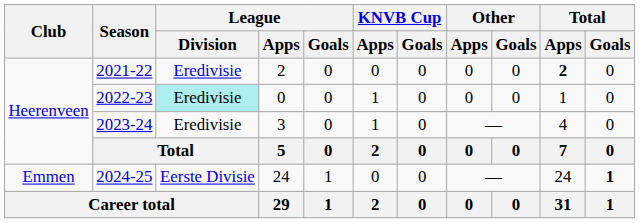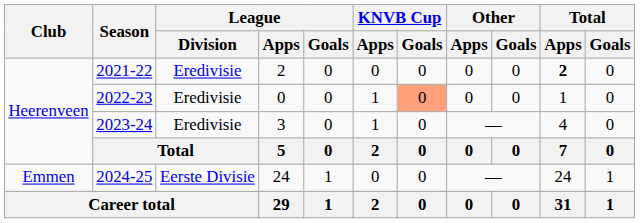 <table class="wikitable" style="text-align: center">
 <tr>
 <th rowspan="2">Club</th>
 <th rowspan="2">Season</th>
 <th colspan="3">League</th>
 <th colspan="2"><a href='#'>KNVB Cup</a></th>
 <th colspan="2">Other</th>
 <th colspan="2">Total</th>
 </tr>
 <tr>
 <th>Division</th>
 <th>Apps</th>
 <th>Goals</th>
 <th>Apps</th>
 <th>Goals</th>
 <th>Apps</th>
 <th>Goals</th>
 <th>Apps</th>
 <th>Goals</th>
 </tr>
 <tr>
 <td rowspan="4"><a href='#'>Heerenveen</a></td>
 <td><a href='#'>2021-22</a></td>
 <td><a href='#'>Eredivisie</a></td>
 <td>2</td>
 <td>0</td>
 <td>0</td>
 <td>0</td>
 <td>0</td>
 <td>0</td>
 <td><strong>2</strong></td>
 <td>0</td>
 </tr>
 <tr>
 <td><a href='#'>2022-23</a></td>
-<td style="background: paleturquoise;">Eredivisie</td>
+<td>Eredivisie</td>
 <td>0</td>
 <td>0</td>
 <td>1</td>
-<td>0</td>
+<td style="background: lightsalmon;">0</td>
 <td>0</td>
 <td>0</td>
 <td>1</td>
 <td>0</td>
 </tr>
 <tr>
 <td><a href='#'>2023-24</a></td>
 <td>Eredivisie</td>
 <td>3</td>
 <td>0</td>
 <td>1</td>
 <td>0</td>
 <td colspan="2">—</td>
 <td>4</td>
 <td>0</td>
 </tr>
 <tr>
 <th colspan="2">Total</th>
 <th>5</th>
 <th>0</th>
 <th>2</th>
 <th>0</th>
 <th>0</th>
 <th>0</th>
 <th>7</th>
 <th>0</th>
 </tr>
 <tr>
 <td><a href='#'>Emmen</a></td>
 <td><a href='#'>2024-25</a></td>
 <td><a href='#'>Eerste Divisie</a></td>
 <td>24</td>
 <td>1</td>
 <td>0</td>
 <td>0</td>
 <td colspan="2">—</td>
 <td>24</td>
-<td><strong>1</strong></td>
+<td>1</td>
 </tr>
 <tr>
 <th colspan="3">Career total</th>
 <th>29</th>
 <th>1</th>
 <th>2</th>
 <th>0</th>
 <th>0</th>
 <th>0</th>
 <th>31</th>
 <th>1</th>
 </tr>
 </table>
